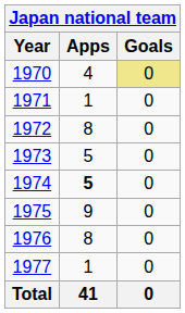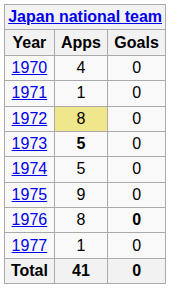 <table class="wikitable" style="text-align:center">
 <tr>
 <th colspan=3><a href='#'>Japan national team</a></th>
 </tr>
 <tr>
 <th>Year</th>
 <th>Apps</th>
 <th>Goals</th>
 </tr>
 <tr>
 <td><a href='#'>1970</a></td>
 <td>4</td>
-<td style="background: khaki;">0</td>
+<td>0</td>
 </tr>
 <tr>
 <td><a href='#'>1971</a></td>
 <td>1</td>
 <td>0</td>
 </tr>
 <tr>
 <td><a href='#'>1972</a></td>
-<td>8</td>
+<td style="background: khaki;">8</td>
 <td>0</td>
 </tr>
 <tr>
 <td><a href='#'>1973</a></td>
-<td>5</td>
+<td><strong>5</strong></td>
 <td>0</td>
 </tr>
 <tr>
 <td><a href='#'>1974</a></td>
-<td><strong>5</strong></td>
+<td>5</td>
 <td>0</td>
 </tr>
 <tr>
 <td><a href='#'>1975</a></td>
 <td>9</td>
 <td>0</td>
 </tr>
 <tr>
 <td><a href='#'>1976</a></td>
 <td>8</td>
-<td>0</td>
+<td><strong>0</strong></td>
 </tr>
 <tr>
 <td><a href='#'>1977</a></td>
 <td>1</td>
 <td>0</td>
 </tr>
 <tr>
 <th>Total</th>
 <th>41</th>
 <th>0</th>
 </tr>
 </table>
